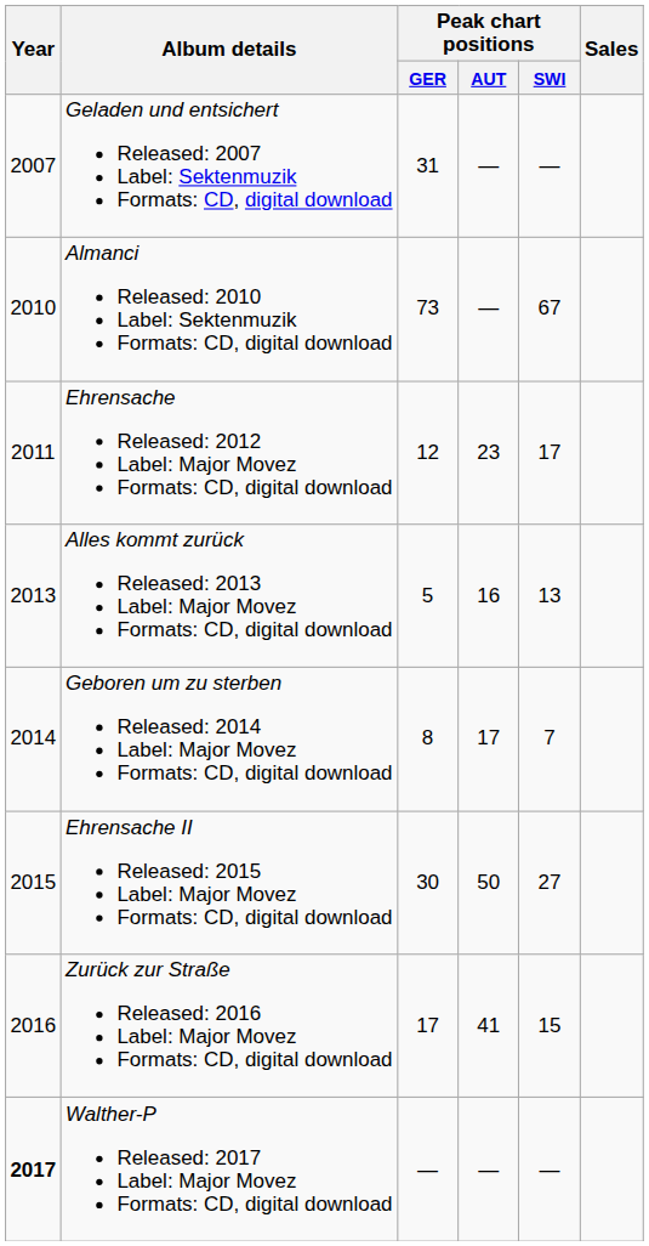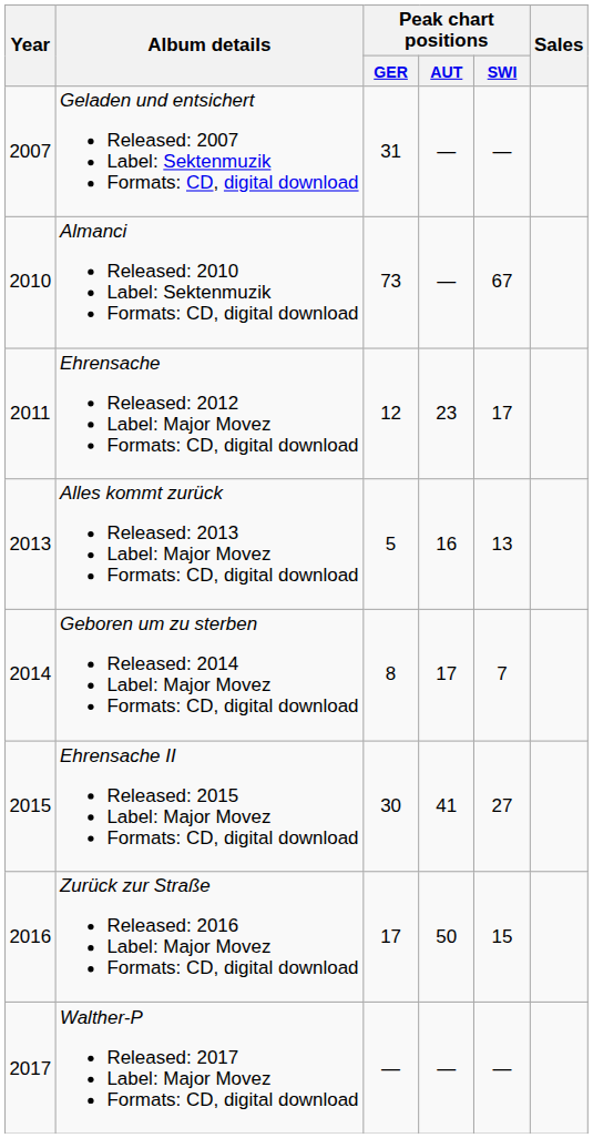 <table class="wikitable" style="text-align:center;">
 <tr>
 <th rowspan="2">Year</th>
 <th rowspan="2">Album details</th>
 <th colspan="3">Peak chart positions</th>
 <th rowspan="2">Sales</th>
 </tr>
 <tr>
 <th width="40"><small><a href='#'>GER</a></small></th>
 <th width="40"><small><a href='#'>AUT</a></small></th>
 <th width="40"><small><a href='#'>SWI</a></small></th>
 </tr>
 <tr>
 <td>2007</td>
 <td align="left"><em>Geladen und entsichert</em><br><ul><li>Released: 2007</li><li>Label: <a href='#'>Sektenmuzik</a></li><li>Formats: <a href='#'>CD</a>, <a href='#'>digital download</a></li></ul></td>
 <td align="center">31</td>
 <td align="center">—</td>
 <td align="center">—</td>
 <td></td>
 </tr>
 <tr>
 <td>2010</td>
 <td align="left"><em>Almanci</em><br><ul><li>Released: 2010</li><li>Label: Sektenmuzik</li><li>Formats: CD, digital download</li></ul></td>
 <td align="center">73</td>
 <td align="center">—</td>
 <td align="center">67</td>
 <td></td>
 </tr>
 <tr>
 <td>2011</td>
 <td align="left"><em>Ehrensache</em><br><ul><li>Released: 2012</li><li>Label: Major Movez</li><li>Formats: CD, digital download</li></ul></td>
 <td align="center">12</td>
 <td align="center">23</td>
 <td align="center">17</td>
 <td></td>
 </tr>
 <tr>
 <td>2013</td>
 <td align="left"><em>Alles kommt zurück</em><br><ul><li>Released: 2013</li><li>Label: Major Movez</li><li>Formats: CD, digital download</li></ul></td>
 <td align="center">5</td>
 <td align="center">16</td>
 <td align="center">13</td>
 <td></td>
 </tr>
 <tr>
 <td>2014</td>
 <td align="left"><em>Geboren um zu sterben</em><br><ul><li>Released: 2014</li><li>Label: Major Movez</li><li>Formats: CD, digital download</li></ul></td>
 <td align="center">8</td>
 <td align="center">17</td>
 <td align="center">7</td>
 <td></td>
 </tr>
 <tr>
 <td>2015</td>
 <td align="left"><em>Ehrensache II</em><br><ul><li>Released: 2015</li><li>Label: Major Movez</li><li>Formats: CD, digital download</li></ul></td>
 <td align="center">30</td>
-<td align="center">50</td>
+<td align="center">41</td>
 <td align="center">27</td>
 <td></td>
 </tr>
 <tr>
 <td>2016</td>
 <td align="left"><em>Zurück zur Straße</em><br><ul><li>Released: 2016</li><li>Label: Major Movez</li><li>Formats: CD, digital download</li></ul></td>
 <td align="center">17</td>
-<td align="center">41</td>
+<td align="center">50</td>
 <td align="center">15</td>
 <td></td>
 </tr>
 <tr>
-<td><strong>2017</strong></td>
+<td>2017</td>
 <td align="left"><em>Walther-P</em><br><ul><li>Released: 2017</li><li>Label: Major Movez</li><li>Formats: CD, digital download</li></ul></td>
 <td align="center">—</td>
 <td align="center">—</td>
 <td align="center">—</td>
 <td></td>
 </tr>
 </table>
